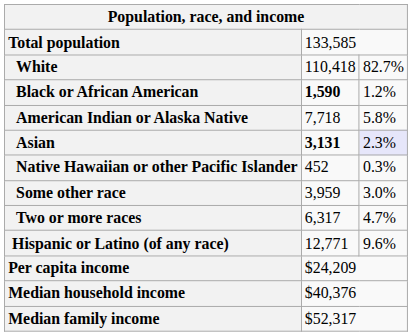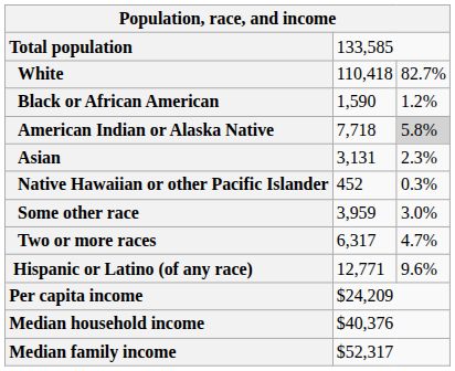 <table class="wikitable collapsible collapsed">
 <tr>
 <th colspan="6">Population, race, and income</th>
 </tr>
 <tr>
 <th scope="row" style="text-align: left;">Total population</th>
 <td colspan="2">133,585</td>
 </tr>
 <tr>
 <th scope="row" style="text-align: left;">  White</th>
 <td>110,418</td>
 <td>82.7%</td>
 </tr>
 <tr>
 <th scope="row" style="text-align: left;">  Black or African American</th>
-<td><strong>1,590</strong></td>
+<td>1,590</td>
 <td>1.2%</td>
 </tr>
 <tr>
 <th scope="row" style="text-align: left;">  American Indian or Alaska Native</th>
 <td>7,718</td>
-<td>5.8%</td>
+<td style="background: lightgrey;">5.8%</td>
 </tr>
 <tr>
 <th scope="row" style="text-align: left;">  Asian</th>
-<td><strong>3,131</strong></td>
-<td style="background: lavender;">2.3%</td>
+<td>3,131</td>
+<td>2.3%</td>
 </tr>
 <tr>
 <th scope="row" style="text-align: left;">  Native Hawaiian or other Pacific Islander</th>
 <td>452</td>
 <td>0.3%</td>
 </tr>
 <tr>
 <th scope="row" style="text-align: left;">  Some other race</th>
 <td>3,959</td>
 <td>3.0%</td>
 </tr>
 <tr>
 <th scope="row" style="text-align: left;">  Two or more races</th>
 <td>6,317</td>
 <td>4.7%</td>
 </tr>
 <tr>
 <th scope="row" style="text-align: left;"> Hispanic or Latino (of any race)</th>
 <td>12,771</td>
 <td>9.6%</td>
 </tr>
 <tr>
 <th scope="row" style="text-align: left;">Per capita income</th>
 <td colspan="2">$24,209</td>
 </tr>
 <tr>
 <th scope="row" style="text-align: left;">Median household income</th>
 <td colspan="2">$40,376</td>
 </tr>
 <tr>
 <th scope="row" style="text-align: left;">Median family income</th>
 <td colspan="2">$52,317</td>
 </tr>
 </table>
